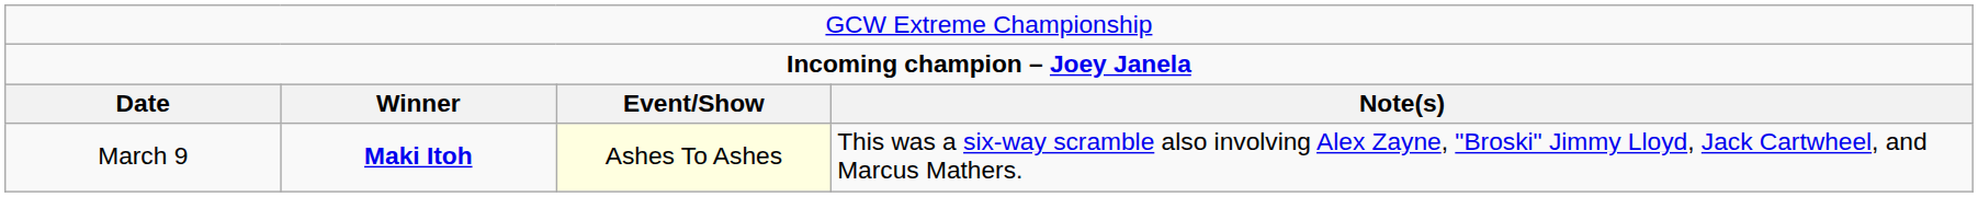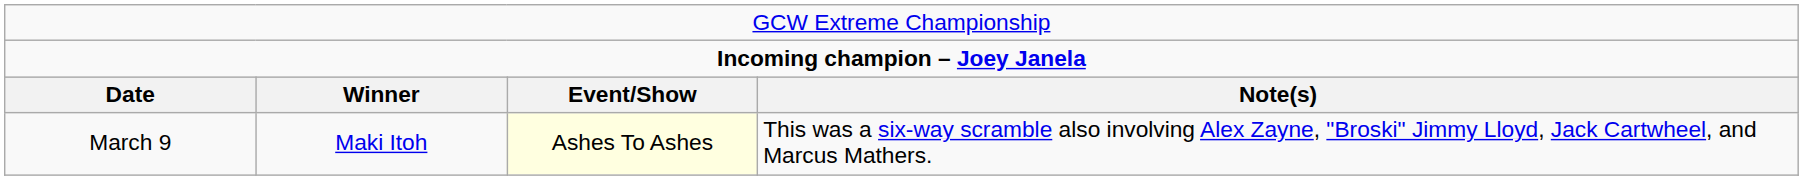 <table class="wikitable" style="text-align:center; width:100%;">
 <tr>
 <td colspan="4" style="text-align: center;"><a href='#'>GCW Extreme Championship</a></td>
 </tr>
 <tr>
 <td colspan="4" style="text-align: center;"><strong>Incoming champion – <a href='#'>Joey Janela</a></strong></td>
 </tr>
 <tr>
 <th width=14%>Date</th>
 <th width=14%>Winner</th>
 <th width=14%>Event/Show</th>
 <th width=58%>Note(s)</th>
 </tr>
 <tr>
 <td>March 9</td>
-<td><strong><a href='#'>Maki Itoh</a></strong></td>
+<td><a href='#'>Maki Itoh</a></td>
 <td style="background: lightyellow;">Ashes To Ashes</td>
 <td align=left>This was a <a href='#'>six-way scramble</a> also involving <a href='#'>Alex Zayne</a>, <a href='#'>"Broski" Jimmy Lloyd</a>, <a href='#'>Jack Cartwheel</a>, and Marcus Mathers.</td>
 </tr>
 </table>
